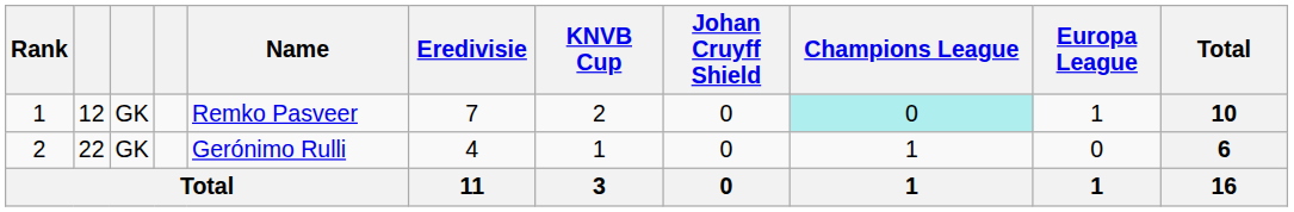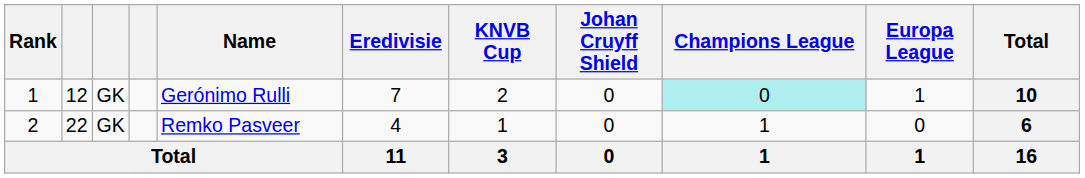 <table class="wikitable" style="text-align:center;">
 <tr>
 <th style="width:15px;">Rank</th>
 <th style="width:15px;"></th>
 <th style="width:15px;"></th>
 <th style="width:15px;"></th>
 <th style="width:145px;">Name</th>
 <th style="width:80px;"><a href='#'>Eredivisie</a></th>
 <th style="width:80px;"><a href='#'>KNVB Cup</a></th>
 <th style="width:80px;"><a href='#'>Johan Cruyff Shield</a></th>
 <th style="width:160px;"><a href='#'>Champions League</a></th>
 <th style="width:80px;"><a href='#'>Europa League</a></th>
 <th style="width:80px;">Total</th>
 </tr>
 <tr>
 <td rowspan=1>1</td>
 <td>12</td>
 <td>GK</td>
 <td></td>
-<td align="left"><a href='#'>Remko Pasveer</a></td>
+<td align="left"><a href='#'>Gerónimo Rulli</a></td>
 <td>7</td>
 <td>2</td>
 <td>0</td>
 <td style="background: paleturquoise;">0</td>
 <td>1</td>
 <th>10</th>
 </tr>
 <tr>
 <td rowspan=1>2</td>
 <td>22</td>
 <td>GK</td>
 <td></td>
-<td align="left"><a href='#'>Gerónimo Rulli</a></td>
+<td align="left"><a href='#'>Remko Pasveer</a></td>
 <td>4</td>
 <td>1</td>
 <td>0</td>
 <td>1</td>
 <td>0</td>
 <th>6</th>
 </tr>
 <tr>
 <th colspan="5">Total</th>
 <th>11</th>
 <th>3</th>
 <th>0</th>
 <th>1</th>
 <th>1</th>
 <th>16</th>
 </tr>
 </table>
